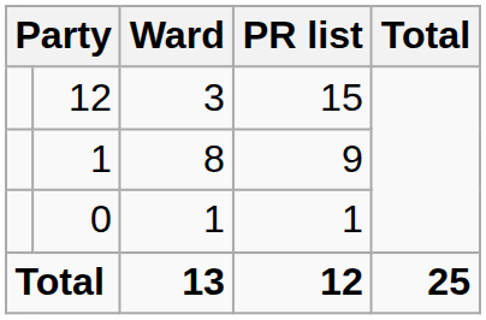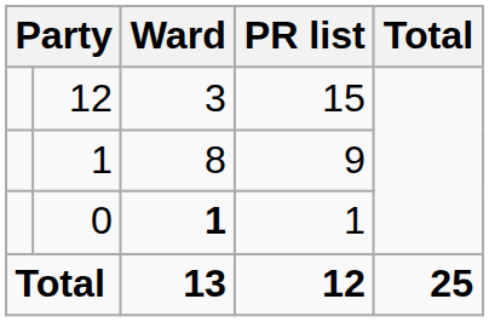 <table class=wikitable style="text-align:right">
 <tr>
 <th colspan=2>Party</th>
 <th>Ward</th>
 <th>PR list</th>
 <th>Total</th>
 </tr>
 <tr>
 <td></td>
 <td>12</td>
 <td>3</td>
 <td>15</td>
 </tr>
 <tr>
 <td></td>
 <td>1</td>
 <td>8</td>
 <td>9</td>
 </tr>
 <tr>
 <td></td>
 <td>0</td>
-<td>1</td>
+<td><strong>1</strong></td>
 <td>1</td>
 </tr>
 <tr>
 <td colspan="2" style="text-align:left"><strong>Total</strong></td>
 <td><strong>13</strong></td>
 <td><strong>12</strong></td>
 <td><strong>25</strong></td>
 </tr>
 </table>
